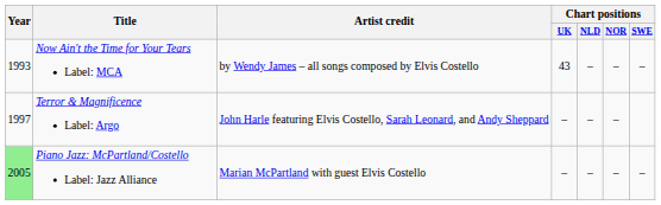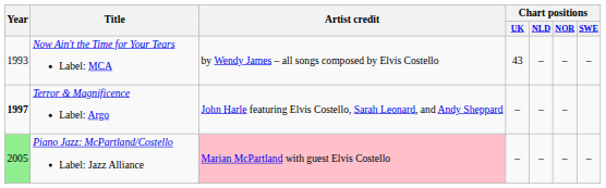 <table class="wikitable" style="text-align:center;">
 <tr>
 <th rowspan="2">Year</th>
 <th rowspan="2" style="width:250px;">Title</th>
 <th rowspan="2">Artist credit</th>
 <th colspan="4">Chart positions</th>
 </tr>
 <tr style="font-size:smaller;">
 <th width="30"><a href='#'>UK</a> <br></th>
 <th width="30"><a href='#'>NLD</a><br></th>
 <th width="30"><a href='#'>NOR</a><br></th>
 <th width="30"><a href='#'>SWE</a><br></th>
 </tr>
 <tr>
 <td>1993</td>
 <td align="left"><em><a href='#'>Now Ain't the Time for Your Tears</a></em><br><ul><li>Label: <a href='#'>MCA</a></li></ul></td>
 <td align="left">by <a href='#'>Wendy James</a> – all songs composed by Elvis Costello</td>
 <td>43</td>
 <td>–</td>
 <td>–</td>
 <td>–</td>
 </tr>
 <tr>
-<td>1997</td>
+<td><strong>1997</strong></td>
 <td align="left"><em><a href='#'>Terror & Magnificence</a></em><br><ul><li>Label: <a href='#'>Argo</a></li></ul></td>
 <td align="left"><a href='#'>John Harle</a> featuring Elvis Costello, <a href='#'>Sarah Leonard</a>, and <a href='#'>Andy Sheppard</a></td>
 <td>–</td>
 <td>–</td>
 <td>–</td>
 </tr>
 <tr>
 <td style="background: lightgreen;">2005</td>
 <td align="left"><em><a href='#'>Piano Jazz: McPartland/Costello</a></em><br><ul><li>Label: Jazz Alliance</li></ul></td>
-<td align="left"><a href='#'>Marian McPartland</a> with guest Elvis Costello</td>
+<td align="left" style="background: pink;"><a href='#'>Marian McPartland</a> with guest Elvis Costello</td>
 <td>–</td>
 <td>–</td>
 <td>–</td>
 <td>–</td>
 </tr>
 </table>
